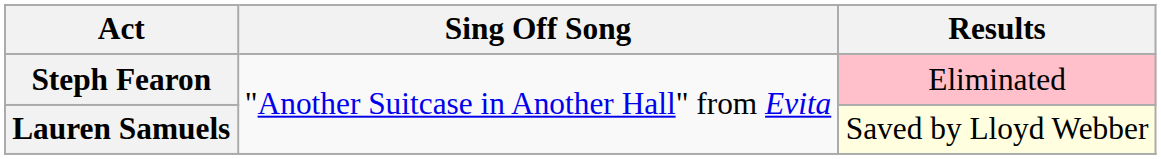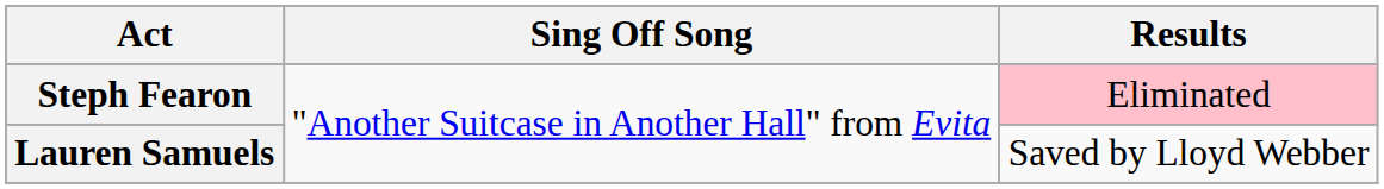 <table class="wikitable plainrowheaders" style="text-align:center;">
 <tr>
 <th scope="col">Act</th>
 <th scope="col">Sing Off Song</th>
 <th scope="col">Results</th>
 </tr>
 <tr>
 <th scope="row">Steph Fearon</th>
 <td rowspan="2">"<a href='#'>Another Suitcase in Another Hall</a>" from <em><a href='#'>Evita</a></em></td>
 <td style="background:pink;">Eliminated</td>
 </tr>
 <tr>
 <th scope="row">Lauren Samuels</th>
-<td style="background: lightyellow;">Saved by Lloyd Webber</td>
+<td>Saved by Lloyd Webber</td>
 </tr>
 </table>
